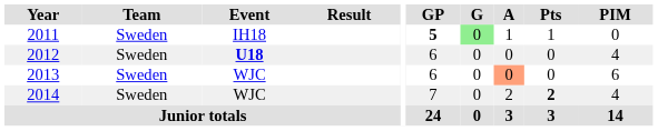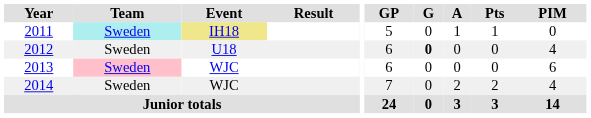 <table border="0" cellpadding="1" cellspacing="0" ID="Table3" style="text-align:center; width:40em">
 <tr ALIGN="center" bgcolor="#e0e0e0">
 <th>Year</th>
 <th>Team</th>
 <th>Event</th>
 <th>Result</th>
 <th rowspan="99" bgcolor="#ffffff"></th>
 <th>GP</th>
 <th>G</th>
 <th>A</th>
 <th>Pts</th>
 <th>PIM</th>
 </tr>
 <tr>
 <td><a href='#'>2011</a></td>
-<td><a href='#'>Sweden</a></td>
-<td><a href='#'>IH18</a></td>
+<td style="background: paleturquoise;"><a href='#'>Sweden</a></td>
+<td style="background: khaki;"><a href='#'>IH18</a></td>
 <td></td>
-<td><strong>5</strong></td>
-<td style="background: lightgreen;">0</td>
+<td>5</td>
+<td>0</td>
 <td>1</td>
 <td>1</td>
 <td>0</td>
 </tr>
 <tr bgcolor="#f0f0f0">
 <td><a href='#'>2012</a></td>
 <td>Sweden</td>
-<td><strong><a href='#'>U18</a></strong></td>
+<td><a href='#'>U18</a></td>
 <td></td>
 <td>6</td>
-<td>0</td>
+<td><strong>0</strong></td>
 <td>0</td>
 <td>0</td>
 <td>4</td>
 </tr>
 <tr>
 <td><a href='#'>2013</a></td>
-<td><a href='#'>Sweden</a></td>
+<td style="background: pink;"><a href='#'>Sweden</a></td>
 <td><a href='#'>WJC</a></td>
 <td></td>
 <td>6</td>
 <td>0</td>
-<td style="background: lightsalmon;">0</td>
+<td>0</td>
 <td>0</td>
 <td>6</td>
 </tr>
 <tr bgcolor="#f0f0f0">
 <td><a href='#'>2014</a></td>
 <td>Sweden</td>
 <td>WJC</td>
 <td></td>
 <td>7</td>
 <td>0</td>
 <td>2</td>
-<td><strong>2</strong></td>
+<td>2</td>
 <td>4</td>
 </tr>
 <tr bgcolor="#e0e0e0">
 <th colspan="4">Junior totals</th>
 <th>24</th>
 <th>0</th>
 <th>3</th>
 <th>3</th>
 <th>14</th>
 </tr>
 </table>
